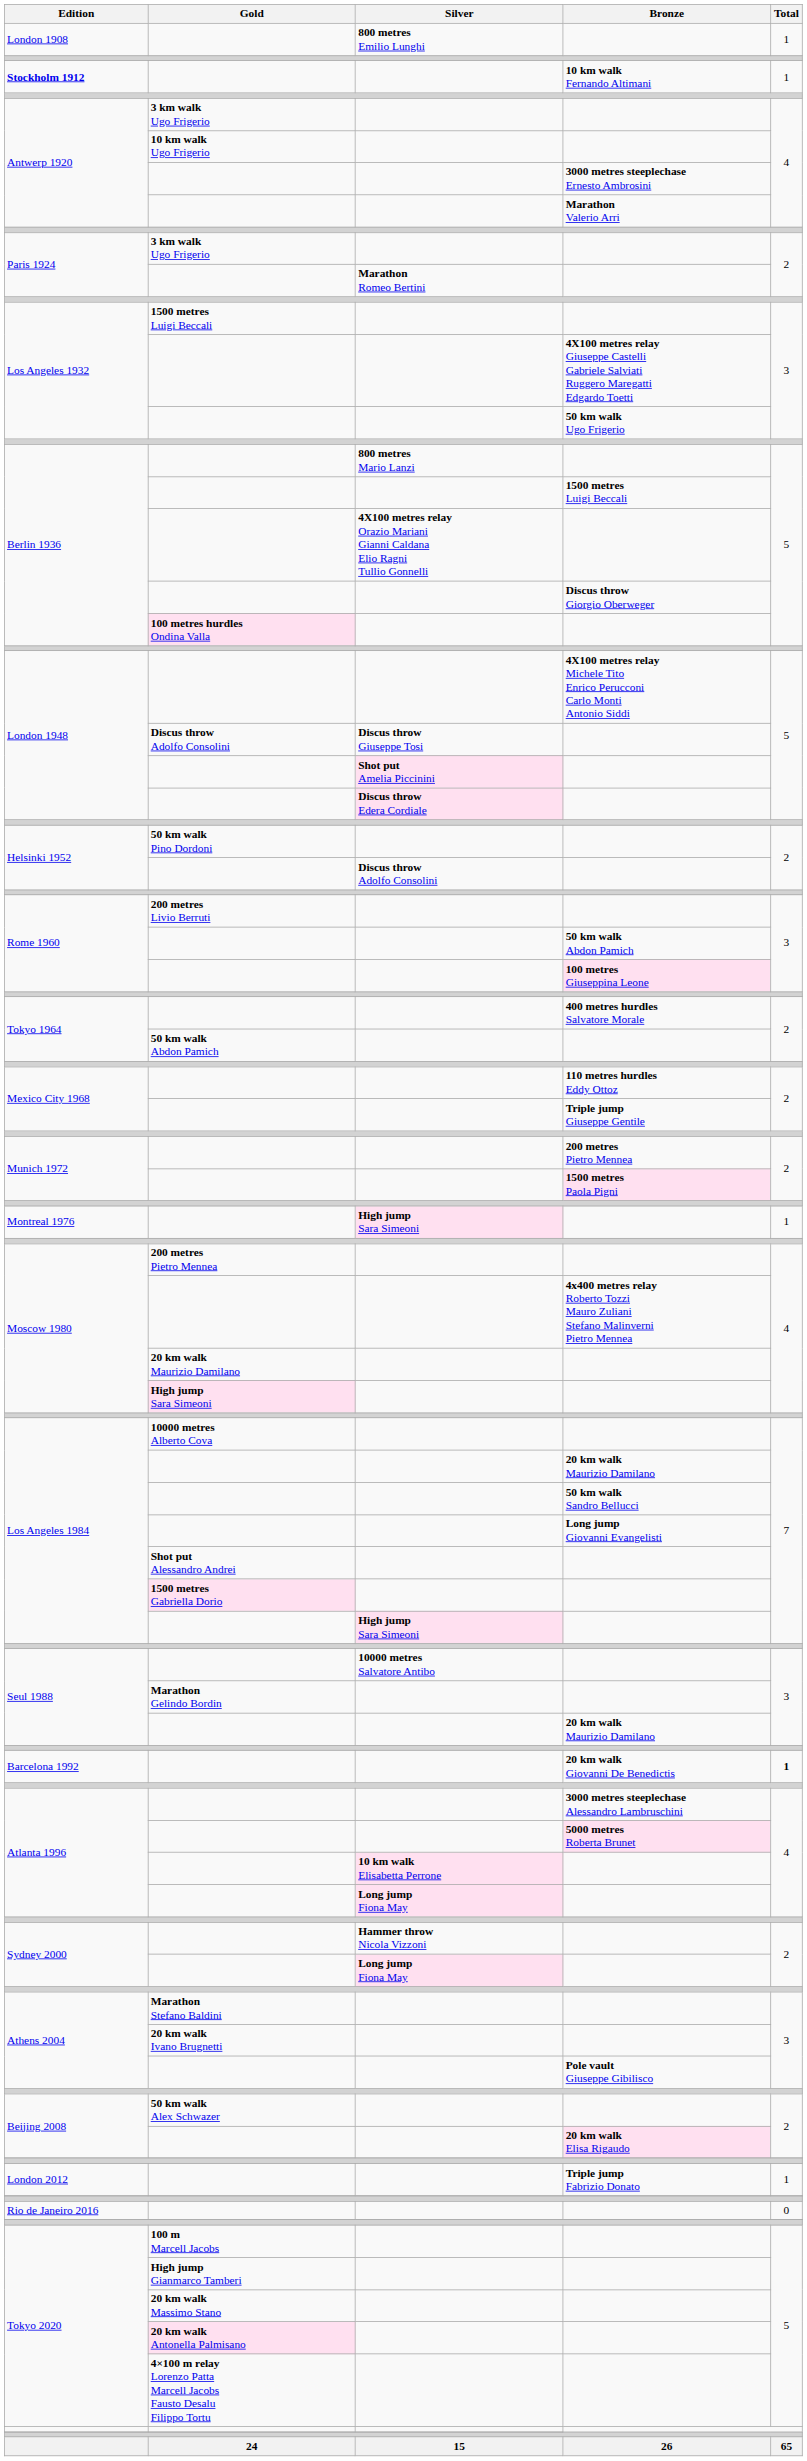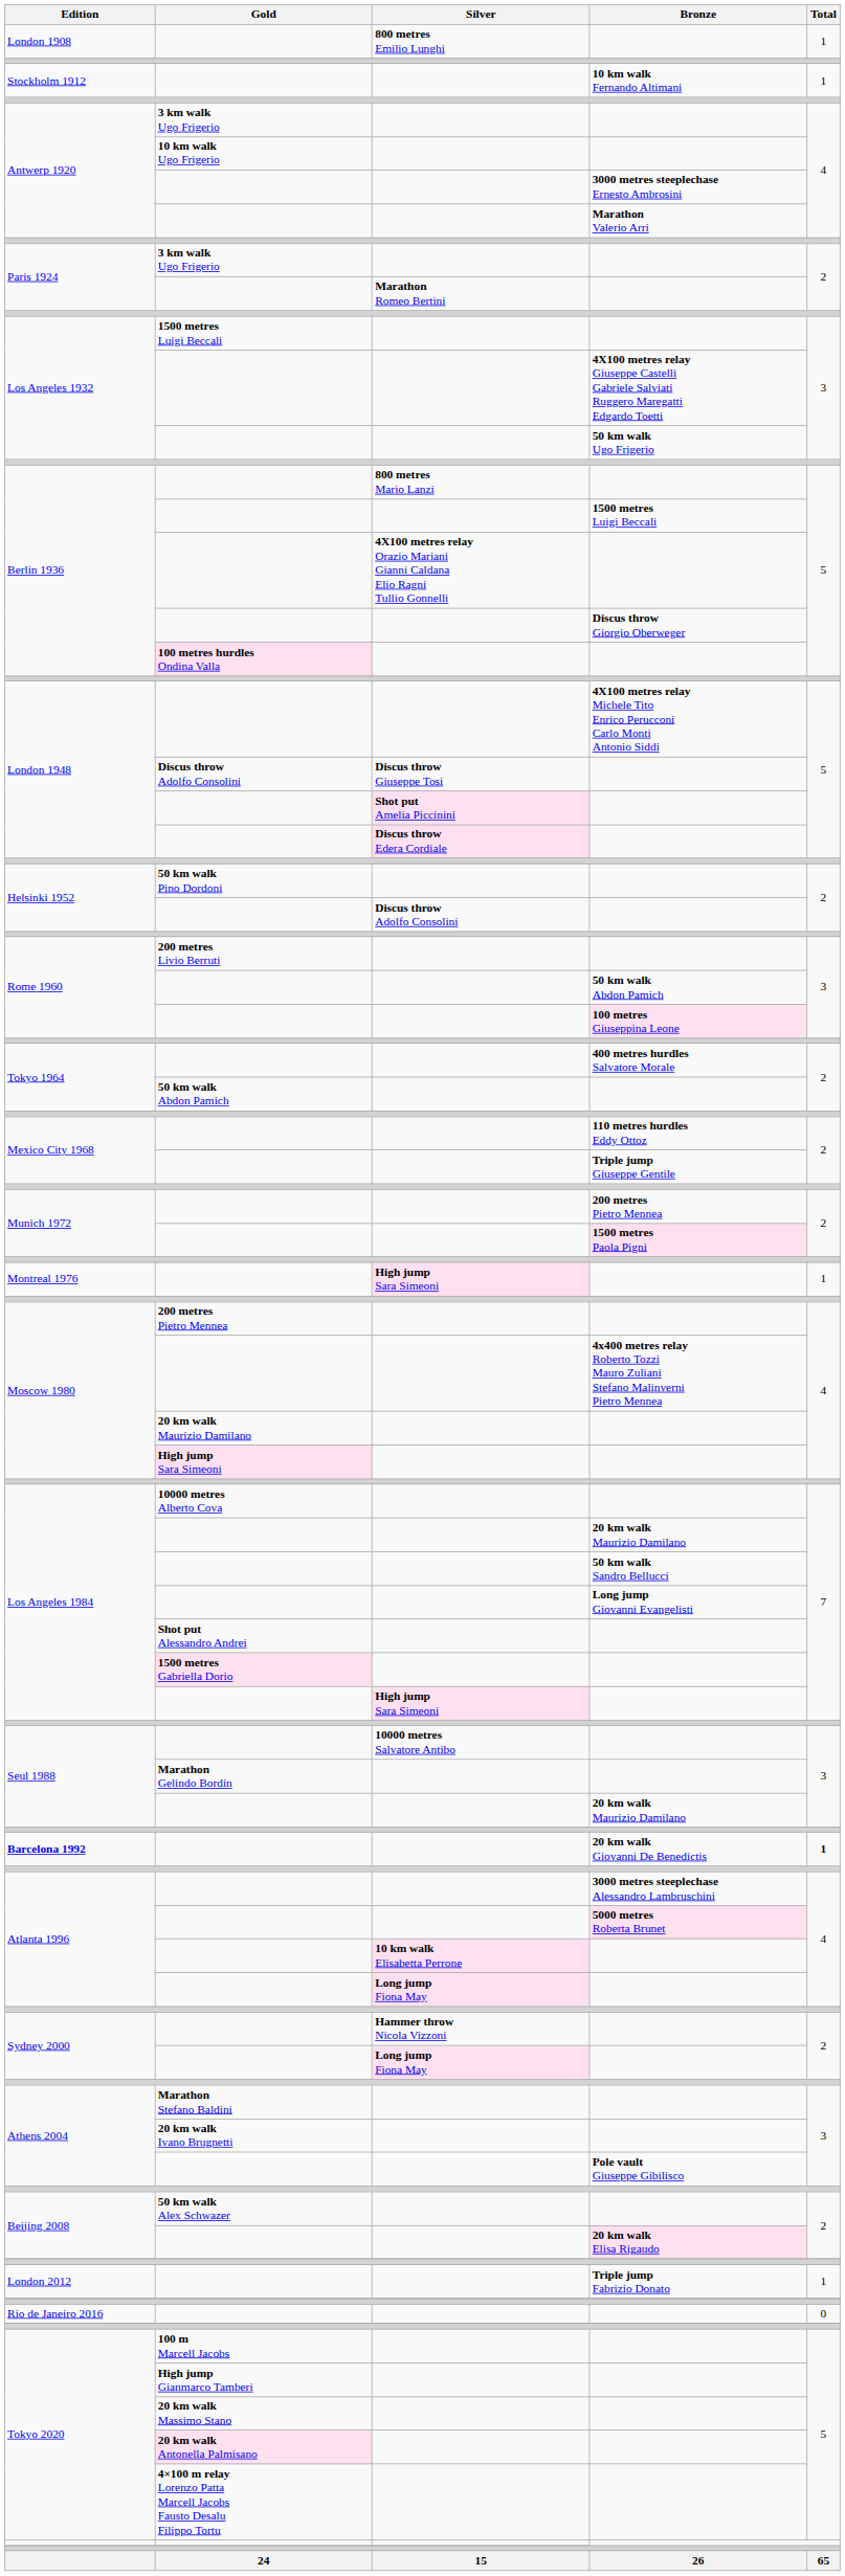 <table class="wikitable" width=80% style="font-size:90%; text-align:left;">
 <tr>
 <th width=18%>Edition</th>
 <th width=26%> Gold</th>
 <th width=26%> Silver</th>
 <th width=26%> Bronze</th>
 <th width=4%>Total</th>
 </tr>
 <tr>
 <td> <a href='#'>London 1908</a></td>
 <td></td>
 <td><strong>800 metres</strong><br><a href='#'>Emilio Lunghi</a></td>
 <td></td>
 <td align=center>1</td>
 </tr>
 <tr bgcolor=lightgrey>
 <td colspan=5></td>
 </tr>
 <tr>
-<td><strong> <a href='#'>Stockholm 1912</a></strong></td>
+<td> <a href='#'>Stockholm 1912</a></td>
 <td></td>
 <td></td>
 <td><strong>10 km walk</strong><br><a href='#'>Fernando Altimani</a></td>
 <td align=center>1</td>
 </tr>
 <tr bgcolor=lightgrey>
 <td colspan=5></td>
 </tr>
 <tr>
 <td rowspan=4> <a href='#'>Antwerp 1920</a></td>
 <td><strong>3 km walk</strong><br><a href='#'>Ugo Frigerio</a></td>
 <td></td>
 <td></td>
 <td rowspan=4 align=center>4</td>
 </tr>
 <tr>
 <td><strong>10 km walk</strong><br><a href='#'>Ugo Frigerio</a></td>
 <td></td>
 <td></td>
 </tr>
 <tr>
 <td></td>
 <td></td>
 <td><strong>3000 metres steeplechase</strong><br><a href='#'>Ernesto Ambrosini</a></td>
 </tr>
 <tr>
 <td></td>
 <td></td>
 <td><strong>Marathon</strong><br><a href='#'>Valerio Arri</a></td>
 </tr>
 <tr bgcolor=lightgrey>
 <td colspan=5></td>
 </tr>
 <tr>
 <td rowspan=2> <a href='#'>Paris 1924</a></td>
 <td><strong>3 km walk</strong><br><a href='#'>Ugo Frigerio</a></td>
 <td></td>
 <td></td>
 <td rowspan=2 align=center>2</td>
 </tr>
 <tr>
 <td></td>
 <td><strong>Marathon</strong><br><a href='#'>Romeo Bertini</a></td>
 <td></td>
 </tr>
 <tr bgcolor=lightgrey>
 <td colspan=5></td>
 </tr>
 <tr>
 <td rowspan=3> <a href='#'>Los Angeles 1932</a></td>
 <td><strong>1500 metres</strong><br><a href='#'>Luigi Beccali</a></td>
 <td></td>
 <td></td>
 <td rowspan=3 align=center>3</td>
 </tr>
 <tr>
 <td></td>
 <td></td>
 <td><strong>4X100 metres relay</strong><br><a href='#'>Giuseppe Castelli</a><br><a href='#'>Gabriele Salviati</a><br><a href='#'>Ruggero Maregatti</a><br><a href='#'>Edgardo Toetti</a></td>
 </tr>
 <tr>
 <td></td>
 <td></td>
 <td><strong>50 km walk</strong><br><a href='#'>Ugo Frigerio</a></td>
 </tr>
 <tr bgcolor=lightgrey>
 <td colspan=5></td>
 </tr>
 <tr>
 <td rowspan=5> <a href='#'>Berlin 1936</a></td>
 <td></td>
 <td><strong>800 metres</strong><br><a href='#'>Mario Lanzi</a></td>
 <td></td>
 <td rowspan=5 align=center>5</td>
 </tr>
 <tr>
 <td></td>
 <td></td>
 <td><strong>1500 metres</strong><br><a href='#'>Luigi Beccali</a></td>
 </tr>
 <tr>
 <td></td>
 <td><strong>4X100 metres relay</strong><br><a href='#'>Orazio Mariani</a><br><a href='#'>Gianni Caldana</a><br><a href='#'>Elio Ragni</a><br><a href='#'>Tullio Gonnelli</a></td>
 <td></td>
 </tr>
 <tr>
 <td></td>
 <td></td>
 <td><strong>Discus throw</strong><br><a href='#'>Giorgio Oberweger</a></td>
 </tr>
 <tr>
 <td bgcolor=FFE0F0><strong>100 metres hurdles</strong><br><a href='#'>Ondina Valla</a></td>
 <td></td>
 <td></td>
 </tr>
 <tr bgcolor=lightgrey>
 <td colspan=5></td>
 </tr>
 <tr>
 <td rowspan=4> <a href='#'>London 1948</a></td>
 <td></td>
 <td></td>
 <td><strong>4X100 metres relay</strong><br><a href='#'>Michele Tito</a><br><a href='#'>Enrico Perucconi</a><br><a href='#'>Carlo Monti</a><br><a href='#'>Antonio Siddi</a></td>
 <td rowspan=4 align=center>5</td>
 </tr>
 <tr>
 <td><strong>Discus throw</strong><br><a href='#'>Adolfo Consolini</a></td>
 <td><strong>Discus throw</strong><br><a href='#'>Giuseppe Tosi</a></td>
 <td></td>
 </tr>
 <tr>
 <td></td>
 <td bgcolor=FFE0F0><strong>Shot put</strong><br><a href='#'>Amelia Piccinini</a></td>
 <td></td>
 </tr>
 <tr>
 <td></td>
 <td bgcolor=FFE0F0><strong>Discus throw</strong><br><a href='#'>Edera Cordiale</a></td>
 <td></td>
 </tr>
 <tr bgcolor=lightgrey>
 <td colspan=5></td>
 </tr>
 <tr>
 <td rowspan=2> <a href='#'>Helsinki 1952</a></td>
 <td><strong>50 km walk</strong><br><a href='#'>Pino Dordoni</a></td>
 <td></td>
 <td></td>
 <td rowspan=2 align=center>2</td>
 </tr>
 <tr>
 <td></td>
 <td><strong>Discus throw</strong><br><a href='#'>Adolfo Consolini</a></td>
 <td></td>
 </tr>
 <tr bgcolor=lightgrey>
 <td colspan=5></td>
 </tr>
 <tr>
 <td rowspan=3> <a href='#'>Rome 1960</a></td>
 <td><strong>200 metres</strong><br><a href='#'>Livio Berruti</a></td>
 <td></td>
 <td></td>
 <td rowspan=3 align=center>3</td>
 </tr>
 <tr>
 <td></td>
 <td></td>
 <td><strong>50 km walk</strong><br><a href='#'>Abdon Pamich</a></td>
 </tr>
 <tr>
 <td></td>
 <td></td>
 <td bgcolor=FFE0F0><strong>100 metres</strong><br><a href='#'>Giuseppina Leone</a></td>
 </tr>
 <tr bgcolor=lightgrey>
 <td colspan=5></td>
 </tr>
 <tr>
 <td rowspan=2> <a href='#'>Tokyo 1964</a></td>
 <td></td>
 <td></td>
 <td><strong>400 metres hurdles</strong><br><a href='#'>Salvatore Morale</a></td>
 <td rowspan=2 align=center>2</td>
 </tr>
 <tr>
 <td><strong>50 km walk</strong><br><a href='#'>Abdon Pamich</a></td>
 <td></td>
 <td></td>
 </tr>
 <tr bgcolor=lightgrey>
 <td colspan=5></td>
 </tr>
 <tr>
 <td rowspan=2> <a href='#'>Mexico City 1968</a></td>
 <td></td>
 <td></td>
 <td><strong>110 metres hurdles</strong><br><a href='#'>Eddy Ottoz</a></td>
 <td rowspan=2 align=center>2</td>
 </tr>
 <tr>
 <td></td>
 <td></td>
 <td><strong>Triple jump</strong><br><a href='#'>Giuseppe Gentile</a></td>
 </tr>
 <tr bgcolor=lightgrey>
 <td colspan=5></td>
 </tr>
 <tr>
 <td rowspan=2> <a href='#'>Munich 1972</a></td>
 <td></td>
 <td></td>
 <td><strong>200 metres</strong><br><a href='#'>Pietro Mennea</a></td>
 <td rowspan=2 align=center>2</td>
 </tr>
 <tr>
 <td></td>
 <td></td>
 <td bgcolor=FFE0F0><strong>1500 metres</strong><br><a href='#'>Paola Pigni</a></td>
 </tr>
 <tr bgcolor=lightgrey>
 <td colspan=5></td>
 </tr>
 <tr>
 <td> <a href='#'>Montreal 1976</a></td>
 <td></td>
 <td bgcolor=FFE0F0><strong>High jump</strong><br><a href='#'>Sara Simeoni</a></td>
 <td></td>
 <td align=center>1</td>
 </tr>
 <tr bgcolor=lightgrey>
 <td colspan=5></td>
 </tr>
 <tr>
 <td rowspan=4> <a href='#'>Moscow 1980</a></td>
 <td><strong>200 metres</strong><br><a href='#'>Pietro Mennea</a></td>
 <td></td>
 <td></td>
 <td rowspan=4 align=center>4</td>
 </tr>
 <tr>
 <td></td>
 <td></td>
 <td><strong>4x400 metres relay</strong><br><a href='#'>Roberto Tozzi</a><br><a href='#'>Mauro Zuliani</a><br><a href='#'>Stefano Malinverni</a><br><a href='#'>Pietro Mennea</a></td>
 </tr>
 <tr>
 <td><strong>20 km walk</strong><br><a href='#'>Maurizio Damilano</a></td>
 <td></td>
 <td></td>
 </tr>
 <tr>
 <td bgcolor=FFE0F0><strong>High jump</strong><br><a href='#'>Sara Simeoni</a></td>
 <td></td>
 <td></td>
 </tr>
 <tr bgcolor=lightgrey>
 <td colspan=5></td>
 </tr>
 <tr>
 <td rowspan=7> <a href='#'>Los Angeles 1984</a></td>
 <td><strong>10000 metres</strong><br><a href='#'>Alberto Cova</a></td>
 <td></td>
 <td></td>
 <td rowspan=7 align=center>7</td>
 </tr>
 <tr>
 <td></td>
 <td></td>
 <td><strong>20 km walk</strong><br><a href='#'>Maurizio Damilano</a></td>
 </tr>
 <tr>
 <td></td>
 <td></td>
 <td><strong>50 km walk</strong><br><a href='#'>Sandro Bellucci</a></td>
 </tr>
 <tr>
 <td></td>
 <td></td>
 <td><strong>Long jump</strong><br><a href='#'>Giovanni Evangelisti</a></td>
 </tr>
 <tr>
 <td><strong>Shot put</strong><br><a href='#'>Alessandro Andrei</a></td>
 <td></td>
 <td></td>
 </tr>
 <tr>
 <td bgcolor=FFE0F0><strong>1500 metres</strong><br><a href='#'>Gabriella Dorio</a></td>
 <td></td>
 <td></td>
 </tr>
 <tr>
 <td></td>
 <td bgcolor=FFE0F0><strong>High jump</strong><br><a href='#'>Sara Simeoni</a></td>
 <td></td>
 </tr>
 <tr bgcolor=lightgrey>
 <td colspan=5></td>
 </tr>
 <tr>
 <td rowspan=3> <a href='#'>Seul 1988</a></td>
 <td></td>
 <td><strong>10000 metres</strong><br><a href='#'>Salvatore Antibo</a></td>
 <td></td>
 <td rowspan=3 align=center>3</td>
 </tr>
 <tr>
 <td><strong>Marathon</strong><br><a href='#'>Gelindo Bordin</a></td>
 <td></td>
 <td></td>
 </tr>
 <tr>
 <td></td>
 <td></td>
 <td><strong>20 km walk</strong><br><a href='#'>Maurizio Damilano</a></td>
 </tr>
 <tr bgcolor=lightgrey>
 <td colspan=5></td>
 </tr>
 <tr>
-<td rowspan=1> <a href='#'>Barcelona 1992</a></td>
+<td rowspan=1><strong> <a href='#'>Barcelona 1992</a></strong></td>
 <td></td>
 <td></td>
 <td><strong>20 km walk</strong><br><a href='#'>Giovanni De Benedictis</a></td>
 <td rowspan=1 align=center><strong>1</strong></td>
 </tr>
 <tr bgcolor=lightgrey>
 <td colspan=5></td>
 </tr>
 <tr>
 <td rowspan=4> <a href='#'>Atlanta 1996</a></td>
 <td></td>
 <td></td>
 <td><strong>3000 metres steeplechase</strong><br><a href='#'>Alessandro Lambruschini</a></td>
 <td rowspan=4 align=center>4</td>
 </tr>
 <tr>
 <td></td>
 <td></td>
 <td bgcolor=FFE0F0><strong>5000 metres</strong><br><a href='#'>Roberta Brunet</a></td>
 </tr>
 <tr>
 <td></td>
 <td bgcolor=FFE0F0><strong>10 km walk</strong><br><a href='#'>Elisabetta Perrone</a></td>
 <td></td>
 </tr>
 <tr>
 <td></td>
 <td bgcolor=FFE0F0><strong>Long jump</strong><br><a href='#'>Fiona May</a></td>
 <td></td>
 </tr>
 <tr bgcolor=lightgrey>
 <td colspan=5></td>
 </tr>
 <tr>
 <td rowspan=2> <a href='#'>Sydney 2000</a></td>
 <td></td>
 <td><strong>Hammer throw</strong><br><a href='#'>Nicola Vizzoni</a></td>
 <td></td>
 <td rowspan=2 align=center>2</td>
 </tr>
 <tr>
 <td></td>
 <td bgcolor=FFE0F0><strong>Long jump</strong><br><a href='#'>Fiona May</a></td>
 <td></td>
 </tr>
 <tr bgcolor=lightgrey>
 <td colspan=5></td>
 </tr>
 <tr>
 <td rowspan=3> <a href='#'>Athens 2004</a></td>
 <td><strong>Marathon</strong><br><a href='#'>Stefano Baldini</a></td>
 <td></td>
 <td></td>
 <td rowspan=3 align=center>3</td>
 </tr>
 <tr>
 <td><strong>20 km walk</strong><br><a href='#'>Ivano Brugnetti</a></td>
 <td></td>
 <td></td>
 </tr>
 <tr>
 <td></td>
 <td></td>
 <td><strong>Pole vault</strong><br><a href='#'>Giuseppe Gibilisco</a></td>
 </tr>
 <tr bgcolor=lightgrey>
 <td colspan=5></td>
 </tr>
 <tr>
 <td rowspan=2> <a href='#'>Beijing 2008</a></td>
 <td><strong>50 km walk</strong><br><a href='#'>Alex Schwazer</a></td>
 <td></td>
 <td></td>
 <td rowspan=2 align=center>2</td>
 </tr>
 <tr>
 <td></td>
 <td></td>
 <td bgcolor=FFE0F0><strong>20 km walk</strong><br><a href='#'>Elisa Rigaudo</a></td>
 </tr>
 <tr>
 </tr>
 <tr bgcolor=lightgrey>
 <td colspan=5></td>
 </tr>
 <tr>
 <td> <a href='#'>London 2012</a></td>
 <td></td>
 <td></td>
 <td><strong>Triple jump</strong><br><a href='#'>Fabrizio Donato</a></td>
 <td rowspan=1 align=center>1</td>
 </tr>
 <tr>
 </tr>
 <tr bgcolor=lightgrey>
 <td colspan=5></td>
 </tr>
 <tr>
 <td> <a href='#'>Rio de Janeiro 2016</a></td>
 <td></td>
 <td></td>
 <td></td>
 <td rowspan=1 align=center>0</td>
 </tr>
 <tr>
 </tr>
 <tr bgcolor=lightgrey>
 <td colspan=5></td>
 </tr>
 <tr>
 <td rowspan=5> <a href='#'>Tokyo 2020</a></td>
 <td><strong>100 m</strong><br><a href='#'>Marcell Jacobs</a></td>
 <td></td>
 <td></td>
 <td rowspan=5 align=center>5</td>
 </tr>
 <tr>
 <td><strong>High jump</strong><br><a href='#'>Gianmarco Tamberi</a></td>
 <td></td>
 <td></td>
 </tr>
 <tr>
 <td><strong>20 km walk</strong><br><a href='#'>Massimo Stano</a></td>
 <td></td>
 <td></td>
 </tr>
 <tr>
 <td bgcolor=FFE0F0><strong>20 km walk</strong><br><a href='#'>Antonella Palmisano</a></td>
 <td></td>
 <td></td>
 </tr>
 <tr>
 <td><strong>4×100 m relay</strong><br><a href='#'>Lorenzo Patta</a><br><a href='#'>Marcell Jacobs</a><br><a href='#'>Fausto Desalu</a><br><a href='#'>Filippo Tortu</a></td>
 <td></td>
 <td></td>
 </tr>
 <tr>
 <td></td>
 <td></td>
 <td></td>
 </tr>
 <tr>
 </tr>
 <tr bgcolor=lightgrey>
 <td colspan=5></td>
 </tr>
 <tr>
 <th></th>
 <th>24</th>
 <th>15</th>
 <th>26</th>
 <th>65</th>
 </tr>
 </table>
